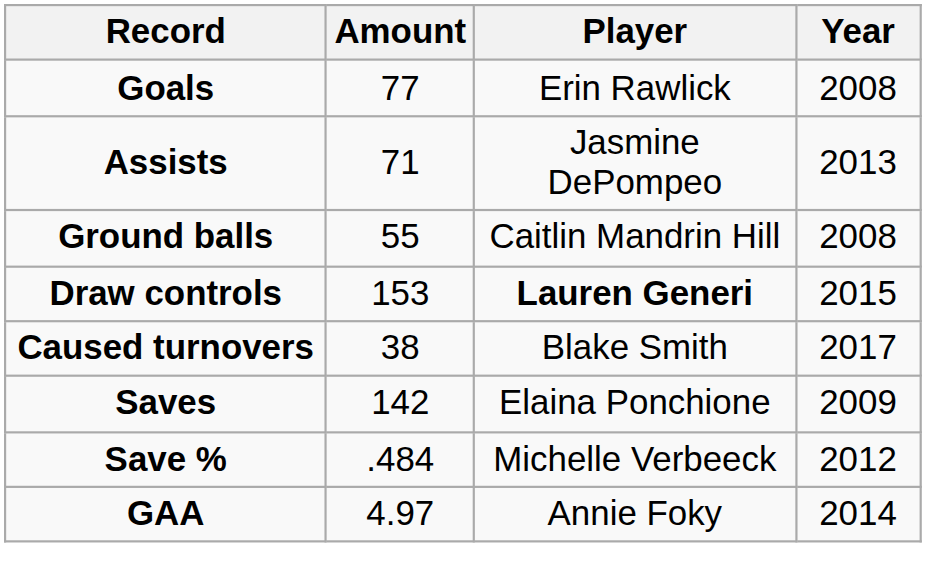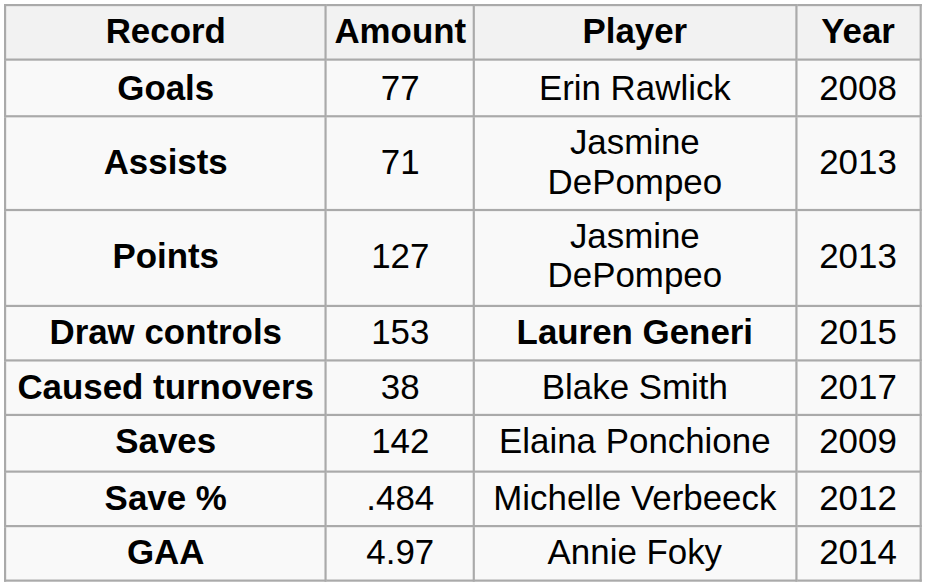 <table class="wikitable">
 <tr>
 <th style="width:140px; ">Record</th>
 <th style="width:35px; ">Amount</th>
 <th style="width:140px; ">Player</th>
 <th style="width:50px; ">Year</th>
 </tr>
 <tr style="text-align:center;">
 <td><strong>Goals</strong></td>
 <td>77</td>
 <td>Erin Rawlick</td>
 <td>2008</td>
 </tr>
 <tr style="text-align:center;">
 <td><strong>Assists</strong></td>
 <td>71</td>
 <td>Jasmine DePompeo</td>
 <td>2013</td>
 </tr>
 <tr style="text-align:center;">
-<td><strong>Ground balls</strong></td>
-<td>55</td>
-<td>Caitlin Mandrin Hill</td>
-<td>2008</td>
+<td><strong>Points</strong></td>
+<td>127</td>
+<td>Jasmine DePompeo</td>
+<td>2013</td>
 </tr>
 <tr style="text-align:center;">
 <td><strong>Draw controls</strong></td>
 <td>153</td>
 <td><strong>Lauren Generi</strong></td>
 <td>2015</td>
 </tr>
 <tr style="text-align:center;">
 <td><strong>Caused turnovers</strong></td>
 <td>38</td>
 <td>Blake Smith</td>
 <td>2017</td>
 </tr>
 <tr style="text-align:center;">
 <td><strong>Saves</strong></td>
 <td>142</td>
 <td>Elaina Ponchione</td>
 <td>2009</td>
 </tr>
 <tr style="text-align:center;">
 <td><strong>Save %</strong></td>
 <td>.484</td>
 <td>Michelle Verbeeck</td>
 <td>2012</td>
 </tr>
 <tr style="text-align:center;">
 <td><strong>GAA</strong></td>
 <td>4.97</td>
 <td>Annie Foky</td>
 <td>2014</td>
 </tr>
 </table>
